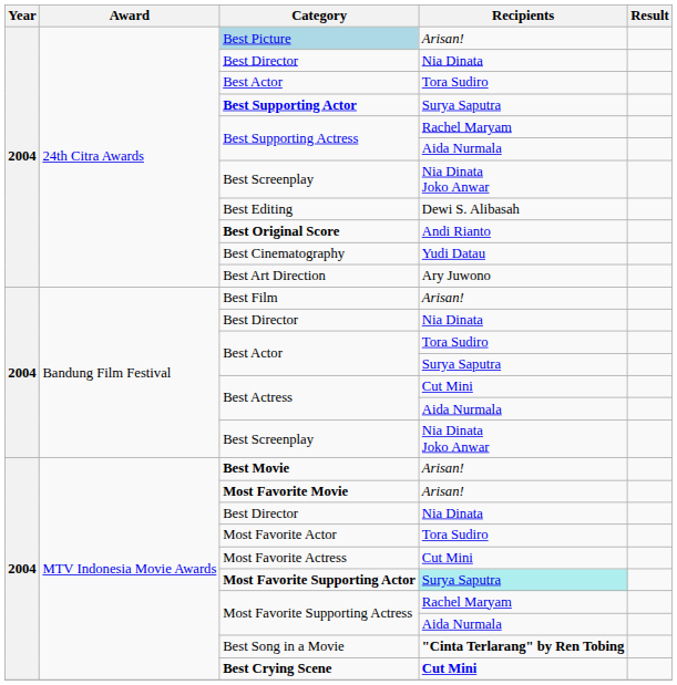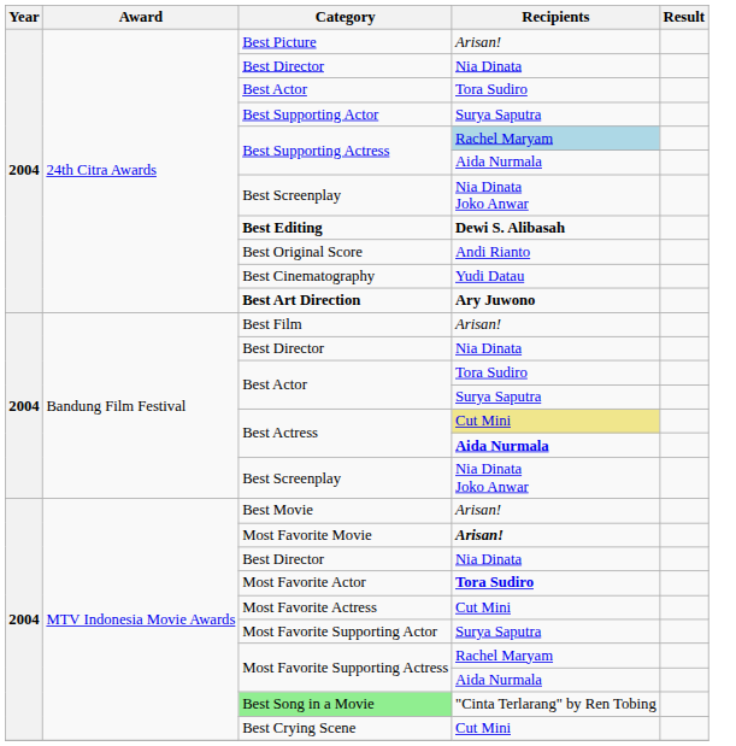 <table class="wikitable sortable">
 <tr>
 <th>Year</th>
 <th>Award</th>
 <th>Category</th>
 <th>Recipients</th>
 <th>Result</th>
 </tr>
 <tr>
 <th rowspan="11">2004</th>
 <td rowspan="11"><a href='#'>24th Citra Awards</a></td>
-<td style="background: lightblue;"><a href='#'>Best Picture</a></td>
+<td><a href='#'>Best Picture</a></td>
 <td><em>Arisan!</em></td>
 <td></td>
 </tr>
 <tr>
 <td><a href='#'>Best Director</a></td>
 <td><a href='#'>Nia Dinata</a></td>
 <td></td>
 </tr>
 <tr>
 <td><a href='#'>Best Actor</a></td>
 <td><a href='#'>Tora Sudiro</a></td>
 <td></td>
 </tr>
 <tr>
-<td><strong><a href='#'>Best Supporting Actor</a></strong></td>
+<td><a href='#'>Best Supporting Actor</a></td>
 <td><a href='#'>Surya Saputra</a></td>
 <td></td>
 </tr>
 <tr>
 <td rowspan="2"><a href='#'>Best Supporting Actress</a></td>
-<td><a href='#'>Rachel Maryam</a></td>
+<td style="background: lightblue;"><a href='#'>Rachel Maryam</a></td>
 <td></td>
 </tr>
 <tr>
 <td><a href='#'>Aida Nurmala</a></td>
 <td></td>
 </tr>
 <tr>
 <td>Best Screenplay</td>
 <td><a href='#'>Nia Dinata</a><br><a href='#'>Joko Anwar</a></td>
 <td></td>
 </tr>
 <tr>
-<td>Best Editing</td>
-<td>Dewi S. Alibasah</td>
+<td><strong>Best Editing</strong></td>
+<td><strong>Dewi S. Alibasah</strong></td>
 <td></td>
 </tr>
 <tr>
-<td><strong>Best Original Score</strong></td>
+<td>Best Original Score</td>
 <td><a href='#'>Andi Rianto</a></td>
 <td></td>
 </tr>
 <tr>
 <td>Best Cinematography</td>
 <td><a href='#'>Yudi Datau</a></td>
 <td></td>
 </tr>
 <tr>
-<td>Best Art Direction</td>
-<td>Ary Juwono</td>
+<td><strong>Best Art Direction</strong></td>
+<td><strong>Ary Juwono</strong></td>
 <td></td>
 </tr>
 <tr>
 <th rowspan="7">2004</th>
 <td rowspan="7">Bandung Film Festival</td>
 <td>Best Film</td>
 <td><em>Arisan!</em></td>
 <td></td>
 </tr>
 <tr>
 <td>Best Director</td>
 <td><a href='#'>Nia Dinata</a></td>
 <td></td>
 </tr>
 <tr>
 <td rowspan="2">Best Actor</td>
 <td><a href='#'>Tora Sudiro</a></td>
 <td></td>
 </tr>
 <tr>
 <td><a href='#'>Surya Saputra</a></td>
 <td></td>
 </tr>
 <tr>
 <td rowspan="2">Best Actress</td>
-<td><a href='#'>Cut Mini</a></td>
+<td style="background: khaki;"><a href='#'>Cut Mini</a></td>
 <td></td>
 </tr>
 <tr>
-<td><a href='#'>Aida Nurmala</a></td>
+<td><strong><a href='#'>Aida Nurmala</a></strong></td>
 <td></td>
 </tr>
 <tr>
 <td>Best Screenplay</td>
 <td><a href='#'>Nia Dinata</a><br><a href='#'>Joko Anwar</a></td>
 <td></td>
 </tr>
 <tr>
 <th rowspan="10">2004</th>
 <td rowspan="10"><a href='#'>MTV Indonesia Movie Awards</a></td>
-<td><strong>Best Movie</strong></td>
+<td>Best Movie</td>
 <td><em>Arisan!</em></td>
 <td></td>
 </tr>
 <tr>
-<td><strong>Most Favorite Movie</strong></td>
-<td><em>Arisan!</em></td>
+<td>Most Favorite Movie</td>
+<td><strong><em>Arisan!</em></strong></td>
 <td></td>
 </tr>
 <tr>
 <td>Best Director</td>
 <td><a href='#'>Nia Dinata</a></td>
 <td></td>
 </tr>
 <tr>
 <td>Most Favorite Actor</td>
-<td><a href='#'>Tora Sudiro</a></td>
+<td><strong><a href='#'>Tora Sudiro</a></strong></td>
 <td></td>
 </tr>
 <tr>
 <td>Most Favorite Actress</td>
 <td><a href='#'>Cut Mini</a></td>
 <td></td>
 </tr>
 <tr>
-<td><strong>Most Favorite Supporting Actor</strong></td>
-<td style="background: paleturquoise;"><a href='#'>Surya Saputra</a></td>
+<td>Most Favorite Supporting Actor</td>
+<td><a href='#'>Surya Saputra</a></td>
 <td></td>
 </tr>
 <tr>
 <td rowspan="2">Most Favorite Supporting Actress</td>
 <td><a href='#'>Rachel Maryam</a></td>
 <td></td>
 </tr>
 <tr>
 <td><a href='#'>Aida Nurmala</a></td>
 <td></td>
 </tr>
 <tr>
-<td>Best Song in a Movie</td>
-<td><strong>"Cinta Terlarang" by Ren Tobing</strong></td>
+<td style="background: lightgreen;">Best Song in a Movie</td>
+<td>"Cinta Terlarang" by Ren Tobing</td>
 <td></td>
 </tr>
 <tr>
-<td><strong>Best Crying Scene</strong></td>
-<td><strong><a href='#'>Cut Mini</a></strong></td>
+<td>Best Crying Scene</td>
+<td><a href='#'>Cut Mini</a></td>
 <td></td>
 </tr>
 <tr>
 </tr>
 </table>
